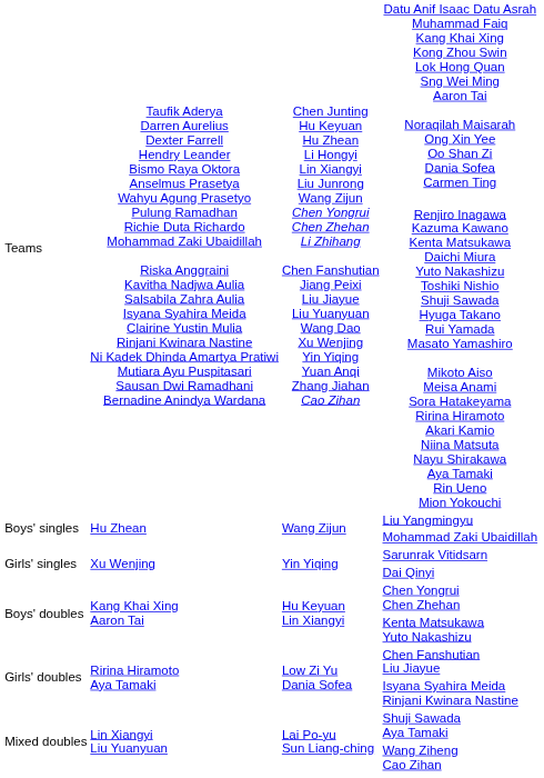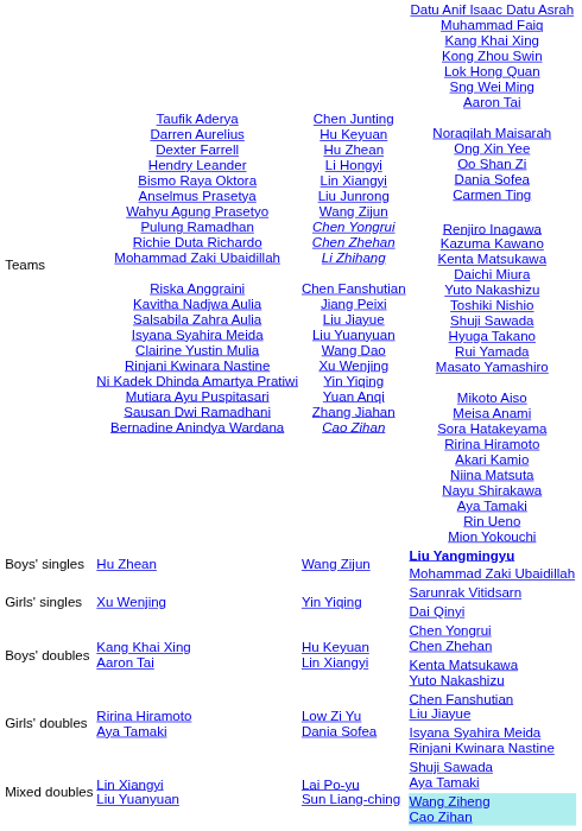 <table>
 <tr>
 <td rowspan=2>Teams<br></td>
 <td rowspan=2 align="center"><br><a href='#'>Taufik Aderya</a><br><a href='#'>Darren Aurelius</a><br><a href='#'>Dexter Farrell</a><br><a href='#'>Hendry Leander</a><br><a href='#'>Bismo Raya Oktora</a><br><a href='#'>Anselmus Prasetya</a><br><a href='#'>Wahyu Agung Prasetyo</a><br><a href='#'>Pulung Ramadhan</a><br><a href='#'>Richie Duta Richardo</a><br><a href='#'>Mohammad Zaki Ubaidillah</a><br><br><a href='#'>Riska Anggraini</a><br><a href='#'>Kavitha Nadjwa Aulia</a><br><a href='#'>Salsabila Zahra Aulia</a><br><a href='#'>Isyana Syahira Meida</a><br><a href='#'>Clairine Yustin Mulia</a><br><a href='#'>Rinjani Kwinara Nastine</a><br><a href='#'>Ni Kadek Dhinda Amartya Pratiwi</a><br><a href='#'>Mutiara Ayu Puspitasari</a><br><a href='#'>Sausan Dwi Ramadhani</a><br><a href='#'>Bernadine Anindya Wardana</a></td>
 <td rowspan=2 align="center"><br><a href='#'>Chen Junting</a><br><a href='#'>Hu Keyuan</a><br><a href='#'>Hu Zhean</a><br><a href='#'>Li Hongyi</a><br><a href='#'>Lin Xiangyi</a><br><a href='#'>Liu Junrong</a><br><a href='#'>Wang Zijun</a><br><em><a href='#'>Chen Yongrui</a></em><br><em><a href='#'>Chen Zhehan</a></em><br><em><a href='#'>Li Zhihang</a></em><br><br><a href='#'>Chen Fanshutian</a><br><a href='#'>Jiang Peixi</a><br><a href='#'>Liu Jiayue</a><br><a href='#'>Liu Yuanyuan</a><br><a href='#'>Wang Dao</a><br><a href='#'>Xu Wenjing</a><br><a href='#'>Yin Yiqing</a><br><a href='#'>Yuan Anqi</a><br><a href='#'>Zhang Jiahan</a><br><em><a href='#'>Cao Zihan</a></em></td>
 <td align="center"><br><a href='#'>Datu Anif Isaac Datu Asrah</a><br><a href='#'>Muhammad Faiq</a><br><a href='#'>Kang Khai Xing</a><br><a href='#'>Kong Zhou Swin</a><br><a href='#'>Lok Hong Quan</a><br><a href='#'>Sng Wei Ming</a><br><a href='#'>Aaron Tai</a><br><br><a href='#'>Noraqilah Maisarah</a><br><a href='#'>Ong Xin Yee</a><br><a href='#'>Oo Shan Zi</a><br><a href='#'>Dania Sofea</a><br><a href='#'>Carmen Ting</a></td>
 </tr>
 <tr>
 <td align="center"><br><a href='#'>Renjiro Inagawa</a><br><a href='#'>Kazuma Kawano</a><br><a href='#'>Kenta Matsukawa</a><br><a href='#'>Daichi Miura</a><br><a href='#'>Yuto Nakashizu</a><br><a href='#'>Toshiki Nishio</a><br><a href='#'>Shuji Sawada</a><br><a href='#'>Hyuga Takano</a><br><a href='#'>Rui Yamada</a><br><a href='#'>Masato Yamashiro</a><br><br><a href='#'>Mikoto Aiso</a><br><a href='#'>Meisa Anami</a><br><a href='#'>Sora Hatakeyama</a><br><a href='#'>Ririna Hiramoto</a><br><a href='#'>Akari Kamio</a><br><a href='#'>Niina Matsuta</a><br><a href='#'>Nayu Shirakawa</a><br><a href='#'>Aya Tamaki</a><br><a href='#'>Rin Ueno</a><br><a href='#'>Mion Yokouchi</a></td>
 </tr>
 <tr>
 <td rowspan=2>Boys' singles<br></td>
 <td rowspan=2> <a href='#'>Hu Zhean</a></td>
 <td rowspan=2> <a href='#'>Wang Zijun</a></td>
-<td> <a href='#'>Liu Yangmingyu</a></td>
+<td><strong> <a href='#'>Liu Yangmingyu</a></strong></td>
 </tr>
 <tr>
 <td> <a href='#'>Mohammad Zaki Ubaidillah</a></td>
 </tr>
 <tr>
 <td rowspan=2>Girls' singles<br></td>
 <td rowspan=2> <a href='#'>Xu Wenjing</a></td>
 <td rowspan=2> <a href='#'>Yin Yiqing</a></td>
 <td> <a href='#'>Sarunrak Vitidsarn</a></td>
 </tr>
 <tr>
 <td> <a href='#'>Dai Qinyi</a></td>
 </tr>
 <tr>
 <td rowspan=2>Boys' doubles<br></td>
 <td rowspan=2> <a href='#'>Kang Khai Xing</a><br> <a href='#'>Aaron Tai</a></td>
 <td rowspan=2> <a href='#'>Hu Keyuan</a><br> <a href='#'>Lin Xiangyi</a></td>
 <td> <a href='#'>Chen Yongrui</a><br> <a href='#'>Chen Zhehan</a></td>
 </tr>
 <tr>
 <td> <a href='#'>Kenta Matsukawa</a><br> <a href='#'>Yuto Nakashizu</a></td>
 </tr>
 <tr>
 <td rowspan=2>Girls' doubles<br></td>
 <td rowspan=2> <a href='#'>Ririna Hiramoto</a><br> <a href='#'>Aya Tamaki</a></td>
 <td rowspan=2> <a href='#'>Low Zi Yu</a><br> <a href='#'>Dania Sofea</a></td>
 <td> <a href='#'>Chen Fanshutian</a><br> <a href='#'>Liu Jiayue</a></td>
 </tr>
 <tr>
 <td> <a href='#'>Isyana Syahira Meida</a><br> <a href='#'>Rinjani Kwinara Nastine</a></td>
 </tr>
 <tr>
 <td rowspan=2>Mixed doubles<br></td>
 <td rowspan=2> <a href='#'>Lin Xiangyi</a><br> <a href='#'>Liu Yuanyuan</a></td>
 <td rowspan=2> <a href='#'>Lai Po-yu</a><br> <a href='#'>Sun Liang-ching</a></td>
 <td> <a href='#'>Shuji Sawada</a><br> <a href='#'>Aya Tamaki</a></td>
 </tr>
 <tr>
-<td> <a href='#'>Wang Ziheng</a><br> <a href='#'>Cao Zihan</a></td>
+<td style="background: paleturquoise;"> <a href='#'>Wang Ziheng</a><br> <a href='#'>Cao Zihan</a></td>
 </tr>
 </table>
